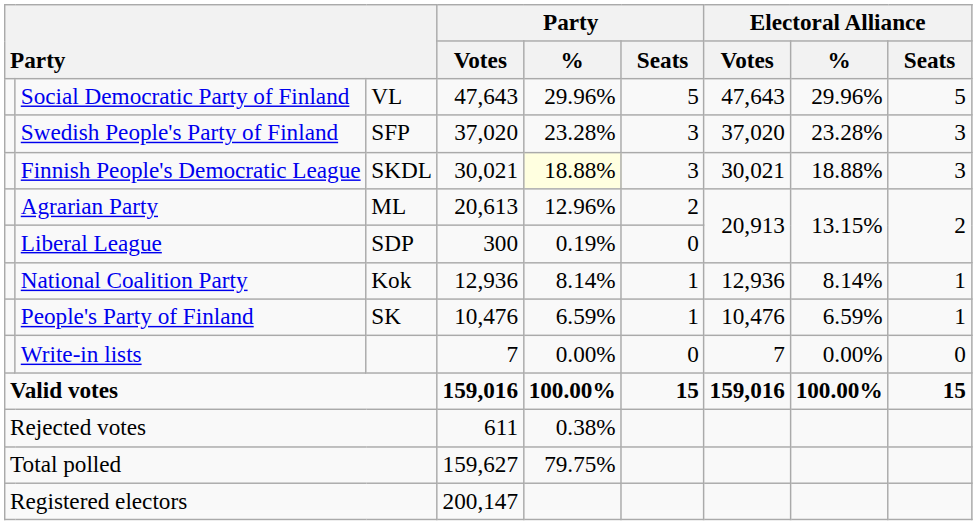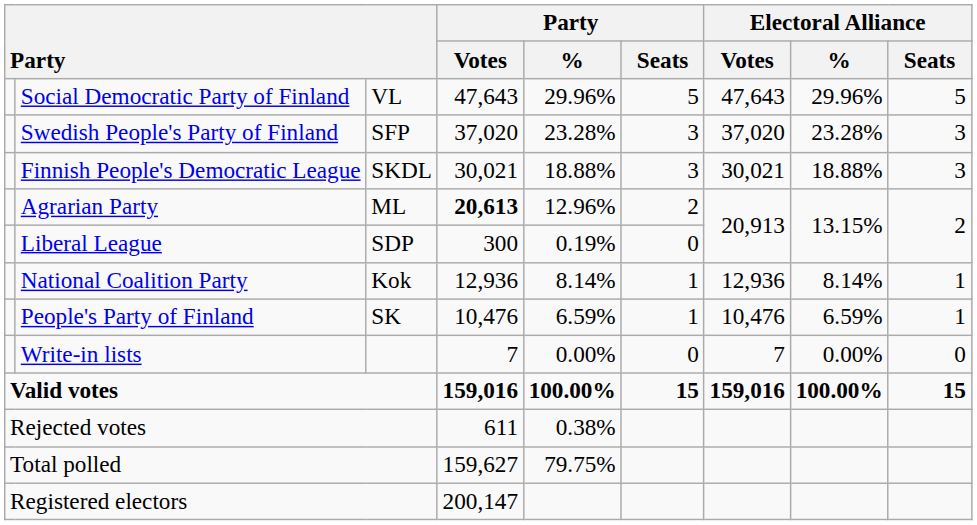 <table class="wikitable" border="1" style="text-align:right;">
 <tr>
 <th style="text-align:left;" valign=bottom rowspan=2 colspan=3>Party</th>
 <th colspan=3>Party</th>
 <th colspan=3>Electoral Alliance</th>
 </tr>
 <tr>
 <th align=center valign=bottom width="50">Votes</th>
 <th align=center valign=bottom width="50">%</th>
 <th align=center valign=bottom width="50">Seats</th>
 <th align=center valign=bottom width="50">Votes</th>
 <th align=center valign=bottom width="50">%</th>
 <th align=center valign=bottom width="50">Seats</th>
 </tr>
 <tr>
 <td></td>
 <td align=left style="white-space: nowrap;"><a href='#'>Social Democratic Party of Finland</a></td>
 <td align=left>VL</td>
 <td>47,643</td>
 <td>29.96%</td>
 <td>5</td>
 <td>47,643</td>
 <td>29.96%</td>
 <td>5</td>
 </tr>
 <tr>
 <td></td>
 <td align=left><a href='#'>Swedish People's Party of Finland</a></td>
 <td align=left>SFP</td>
 <td>37,020</td>
 <td>23.28%</td>
 <td>3</td>
 <td>37,020</td>
 <td>23.28%</td>
 <td>3</td>
 </tr>
 <tr>
 <td></td>
 <td align=left><a href='#'>Finnish People's Democratic League</a></td>
 <td align=left>SKDL</td>
 <td>30,021</td>
-<td style="background: lightyellow;">18.88%</td>
+<td>18.88%</td>
 <td>3</td>
 <td>30,021</td>
 <td>18.88%</td>
 <td>3</td>
 </tr>
 <tr>
 <td></td>
 <td align=left><a href='#'>Agrarian Party</a></td>
 <td align=left>ML</td>
-<td>20,613</td>
+<td><strong>20,613</strong></td>
 <td>12.96%</td>
 <td>2</td>
 <td rowspan=2>20,913</td>
 <td rowspan=2>13.15%</td>
 <td rowspan=2>2</td>
 </tr>
 <tr>
 <td></td>
 <td align=left><a href='#'>Liberal League</a></td>
 <td align=left>SDP</td>
 <td>300</td>
 <td>0.19%</td>
 <td>0</td>
 </tr>
 <tr>
 <td></td>
 <td align=left><a href='#'>National Coalition Party</a></td>
 <td align=left>Kok</td>
 <td>12,936</td>
 <td>8.14%</td>
 <td>1</td>
 <td>12,936</td>
 <td>8.14%</td>
 <td>1</td>
 </tr>
 <tr>
 <td></td>
 <td align=left><a href='#'>People's Party of Finland</a></td>
 <td align=left>SK</td>
 <td>10,476</td>
 <td>6.59%</td>
 <td>1</td>
 <td>10,476</td>
 <td>6.59%</td>
 <td>1</td>
 </tr>
 <tr>
 <td></td>
 <td align=left><a href='#'>Write-in lists</a></td>
 <td align=left></td>
 <td>7</td>
 <td>0.00%</td>
 <td>0</td>
 <td>7</td>
 <td>0.00%</td>
 <td>0</td>
 </tr>
 <tr style="font-weight:bold">
 <td align=left colspan=3>Valid votes</td>
 <td>159,016</td>
 <td>100.00%</td>
 <td>15</td>
 <td>159,016</td>
 <td>100.00%</td>
 <td>15</td>
 </tr>
 <tr>
 <td align=left colspan=3>Rejected votes</td>
 <td>611</td>
 <td>0.38%</td>
 <td></td>
 <td></td>
 <td></td>
 <td></td>
 </tr>
 <tr>
 <td align=left colspan=3>Total polled</td>
 <td>159,627</td>
 <td>79.75%</td>
 <td></td>
 <td></td>
 <td></td>
 <td></td>
 </tr>
 <tr>
 <td align=left colspan=3>Registered electors</td>
 <td>200,147</td>
 <td></td>
 <td></td>
 <td></td>
 <td></td>
 <td></td>
 </tr>
 </table>
